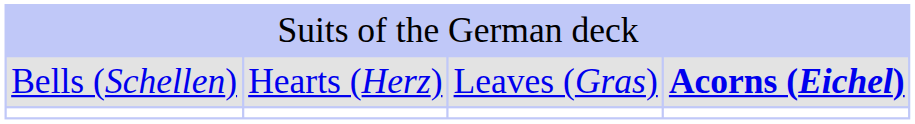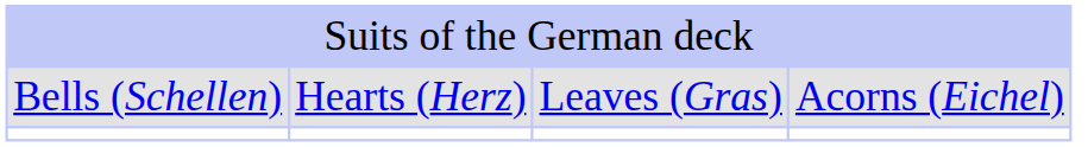 <table cellpadding="2" style="background: #c0c8f8; margin-left: 1em; border-spacing: 1px;">
 <tr align="center">
 <td colspan="4">Suits of the German deck</td>
 </tr>
 <tr align="center">
 <td style="background: #e3e3e3;"><a href='#'>Bells (<em>Schellen</em>)</a></td>
 <td style="background: #e3e3e3;"><a href='#'>Hearts (<em>Herz</em>)</a></td>
 <td style="background: #e3e3e3;"><a href='#'>Leaves (<em>Gras</em>)</a></td>
-<td style="background: #e3e3e3;"><strong><a href='#'>Acorns (<em>Eichel</em>)</a></strong></td>
+<td style="background: #e3e3e3;"><a href='#'>Acorns (<em>Eichel</em>)</a></td>
 </tr>
 <tr align="center">
 <td style="background: #ffffff;"></td>
 <td style="background: #ffffff;"></td>
 <td style="background: #ffffff;"></td>
 <td style="background: #ffffff;"></td>
 </tr>
 </table>
